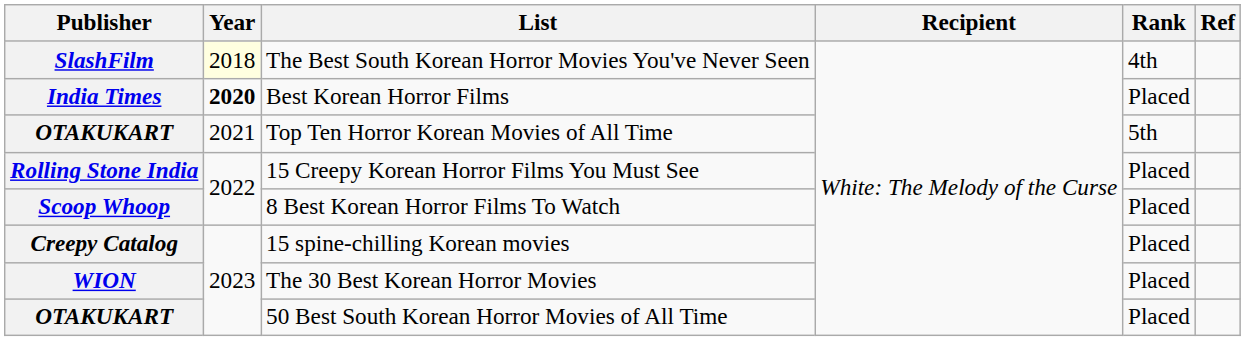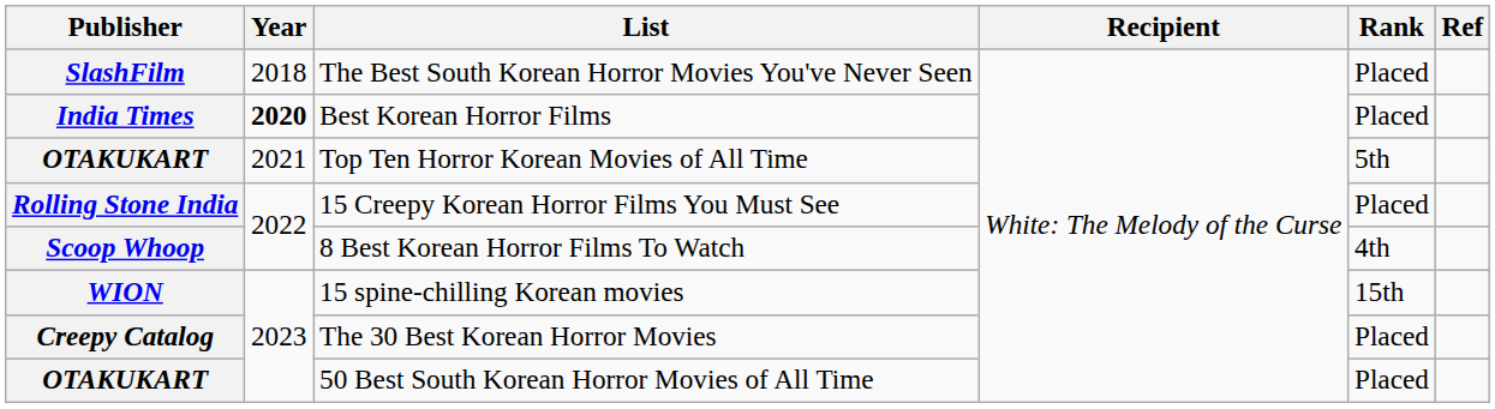 <table class=" wikitable sortable plainrowheaders">
 <tr>
 <th>Publisher</th>
 <th>Year</th>
 <th>List</th>
 <th>Recipient</th>
 <th>Rank</th>
 <th>Ref</th>
 </tr>
 <tr>
 <th scope="row" style="text-align:center;"><a href='#'><em>SlashFilm</em></a></th>
-<td style="background: lightyellow;">2018</td>
+<td>2018</td>
 <td>The Best South Korean Horror Movies You've Never Seen</td>
 <td rowspan="8"><em>White: The Melody of the Curse</em></td>
-<td>4th</td>
+<td>Placed</td>
 <td></td>
 </tr>
 <tr>
 <th scope="row" style="text-align:center;"><em><a href='#'>India Times</a></em></th>
 <td><strong>2020</strong></td>
 <td>Best Korean Horror Films</td>
 <td>Placed</td>
 <td></td>
 </tr>
 <tr>
 <th scope="row" style="text-align:center;"><em>OTAKUKART</em></th>
 <td>2021</td>
 <td>Top Ten Horror Korean Movies of All Time</td>
 <td>5th</td>
 <td></td>
 </tr>
 <tr>
 <th scope="row" style="text-align:center;"><em><a href='#'>Rolling Stone India</a></em></th>
 <td rowspan="2">2022</td>
 <td>15 Creepy Korean Horror Films You Must See</td>
 <td>Placed</td>
 <td></td>
 </tr>
 <tr>
 <th scope="row" style="text-align:center;"><em><a href='#'>Scoop Whoop</a></em></th>
 <td>8 Best Korean Horror Films To Watch</td>
-<td>Placed</td>
+<td>4th</td>
+<td></td>
+</tr>
+<tr>
+<th scope="row" style="text-align:center;"><em><a href='#'>WION</a></em></th>
+<td rowspan="3">2023</td>
+<td>15 spine-chilling Korean movies</td>
+<td>15th</td>
 <td></td>
 </tr>
 <tr>
 <th scope="row" style="text-align:center;"><em>Creepy Catalog</em></th>
-<td rowspan="3">2023</td>
-<td>15 spine-chilling Korean movies</td>
-<td>Placed</td>
-<td></td>
-</tr>
-<tr>
-<th scope="row" style="text-align:center;"><em><a href='#'>WION</a></em></th>
 <td>The 30 Best Korean Horror Movies</td>
 <td>Placed</td>
 <td></td>
 </tr>
 <tr>
 <th scope="row" style="text-align:center;"><em>OTAKUKART</em></th>
 <td>50 Best South Korean Horror Movies of All Time</td>
 <td>Placed</td>
 <td></td>
 </tr>
 </table>
